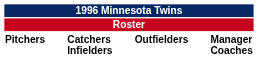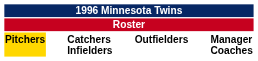 <table class="toccolours" style="font-size: 95%;">
 <tr>
 <th colspan="10" style="background-color: #072764; color: #FFFFFF; text-align: center;">1996 Minnesota Twins</th>
 </tr>
 <tr>
 <td colspan="10" style="background-color: #c6011f; color: white; text-align: center;"><strong>Roster</strong></td>
 </tr>
 <tr>
-<td valign="top"><strong>Pitchers</strong><br>                 </td>
+<td valign="top" style="background: gold;"><strong>Pitchers</strong><br>                 </td>
 <td width="25px"></td>
 <td valign="top"><strong>Catchers</strong><br>   <strong>Infielders</strong>           </td>
 <td width="25px"></td>
 <td valign="top"><strong>Outfielders</strong><br>     </td>
 <td width="25px"></td>
 <td valign="top"><strong>Manager</strong><br> <strong>Coaches</strong>     </td>
 </tr>
 <tr>
 </tr>
 </table>
